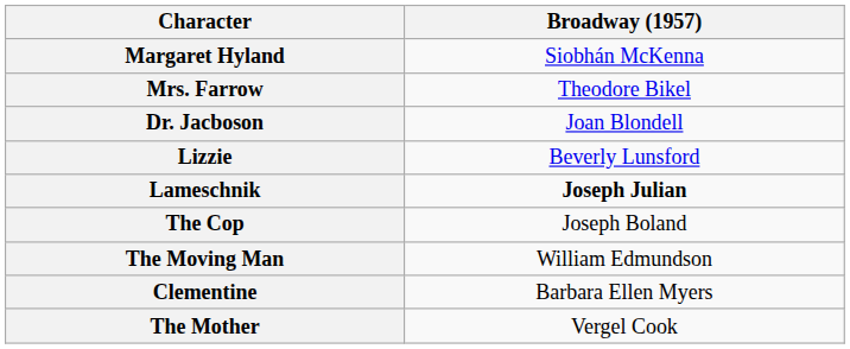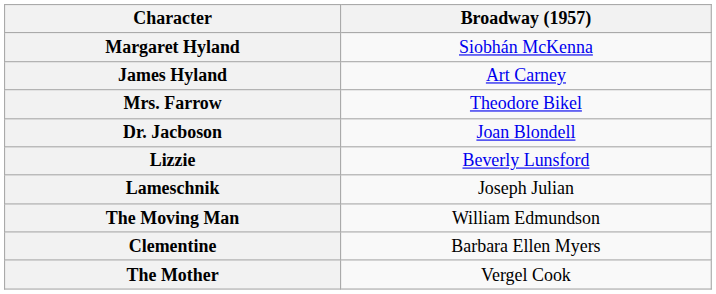 <table class="wikitable" style="width:50%; text-align:center">
 <tr>
 <th scope="col">Character</th>
 <th>Broadway (1957)</th>
 </tr>
 <tr>
 <th>Margaret Hyland</th>
 <td colspan="1"><a href='#'>Siobhán McKenna</a></td>
+</tr>
+<tr>
+<th>James Hyland</th>
+<td colspan="1”"><a href='#'>Art Carney</a></td>
 </tr>
 <tr>
 <th>Mrs. Farrow</th>
 <td colspan="1"><a href='#'>Theodore Bikel</a></td>
 </tr>
 <tr>
 <th>Dr. Jacboson</th>
 <td colspan="1”"><a href='#'>Joan Blondell</a></td>
 </tr>
 <tr>
 <th>Lizzie</th>
 <td colspan="1"><a href='#'>Beverly Lunsford</a></td>
 </tr>
 <tr>
 <th>Lameschnik</th>
-<td colspan="1"><strong>Joseph Julian</strong></td>
-</tr>
-<tr>
-<th>The Cop</th>
-<td colspan="1">Joseph Boland</td>
+<td colspan="1">Joseph Julian</td>
 </tr>
 <tr>
 <th>The Moving Man</th>
 <td colspan="1">William Edmundson</td>
 </tr>
 <tr>
 <th>Clementine</th>
 <td colspan="1">Barbara Ellen Myers</td>
 </tr>
 <tr>
 <th>The Mother</th>
 <td colspan="1">Vergel Cook</td>
 </tr>
 </table>
